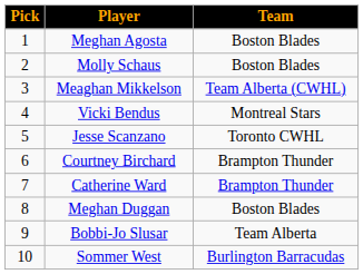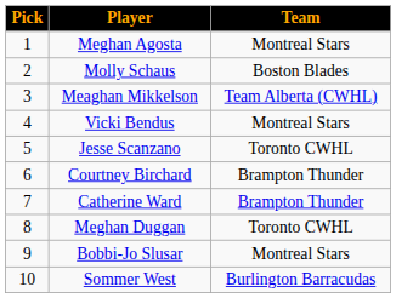 <table class="wikitable" style="width:60%; text-align:center;">
 <tr style="color:orange;">
 <th style="background:black;">Pick</th>
 <th style="background:black;">Player</th>
 <th style="background:black;">Team</th>
 </tr>
 <tr>
 <td>1</td>
 <td><a href='#'>Meghan Agosta</a></td>
-<td>Boston Blades</td>
+<td>Montreal Stars</td>
 </tr>
 <tr>
 <td>2</td>
 <td><a href='#'>Molly Schaus</a></td>
 <td>Boston Blades</td>
 </tr>
 <tr>
 <td>3</td>
 <td><a href='#'>Meaghan Mikkelson</a></td>
 <td><a href='#'>Team Alberta (CWHL)</a></td>
 </tr>
 <tr>
 <td>4</td>
 <td><a href='#'>Vicki Bendus</a></td>
 <td>Montreal Stars</td>
 </tr>
 <tr>
 <td>5</td>
 <td><a href='#'>Jesse Scanzano</a></td>
 <td>Toronto CWHL</td>
 </tr>
 <tr>
 <td>6</td>
 <td><a href='#'>Courtney Birchard</a></td>
 <td>Brampton Thunder</td>
 </tr>
 <tr>
 <td>7</td>
 <td><a href='#'>Catherine Ward</a></td>
 <td><a href='#'>Brampton Thunder</a></td>
 </tr>
 <tr>
 <td>8</td>
 <td><a href='#'>Meghan Duggan</a></td>
-<td>Boston Blades</td>
+<td>Toronto CWHL</td>
 </tr>
 <tr>
 <td>9</td>
 <td><a href='#'>Bobbi-Jo Slusar</a></td>
-<td>Team Alberta</td>
+<td>Montreal Stars</td>
 </tr>
 <tr>
 <td>10</td>
 <td><a href='#'>Sommer West</a></td>
 <td><a href='#'>Burlington Barracudas</a></td>
 </tr>
 </table>
